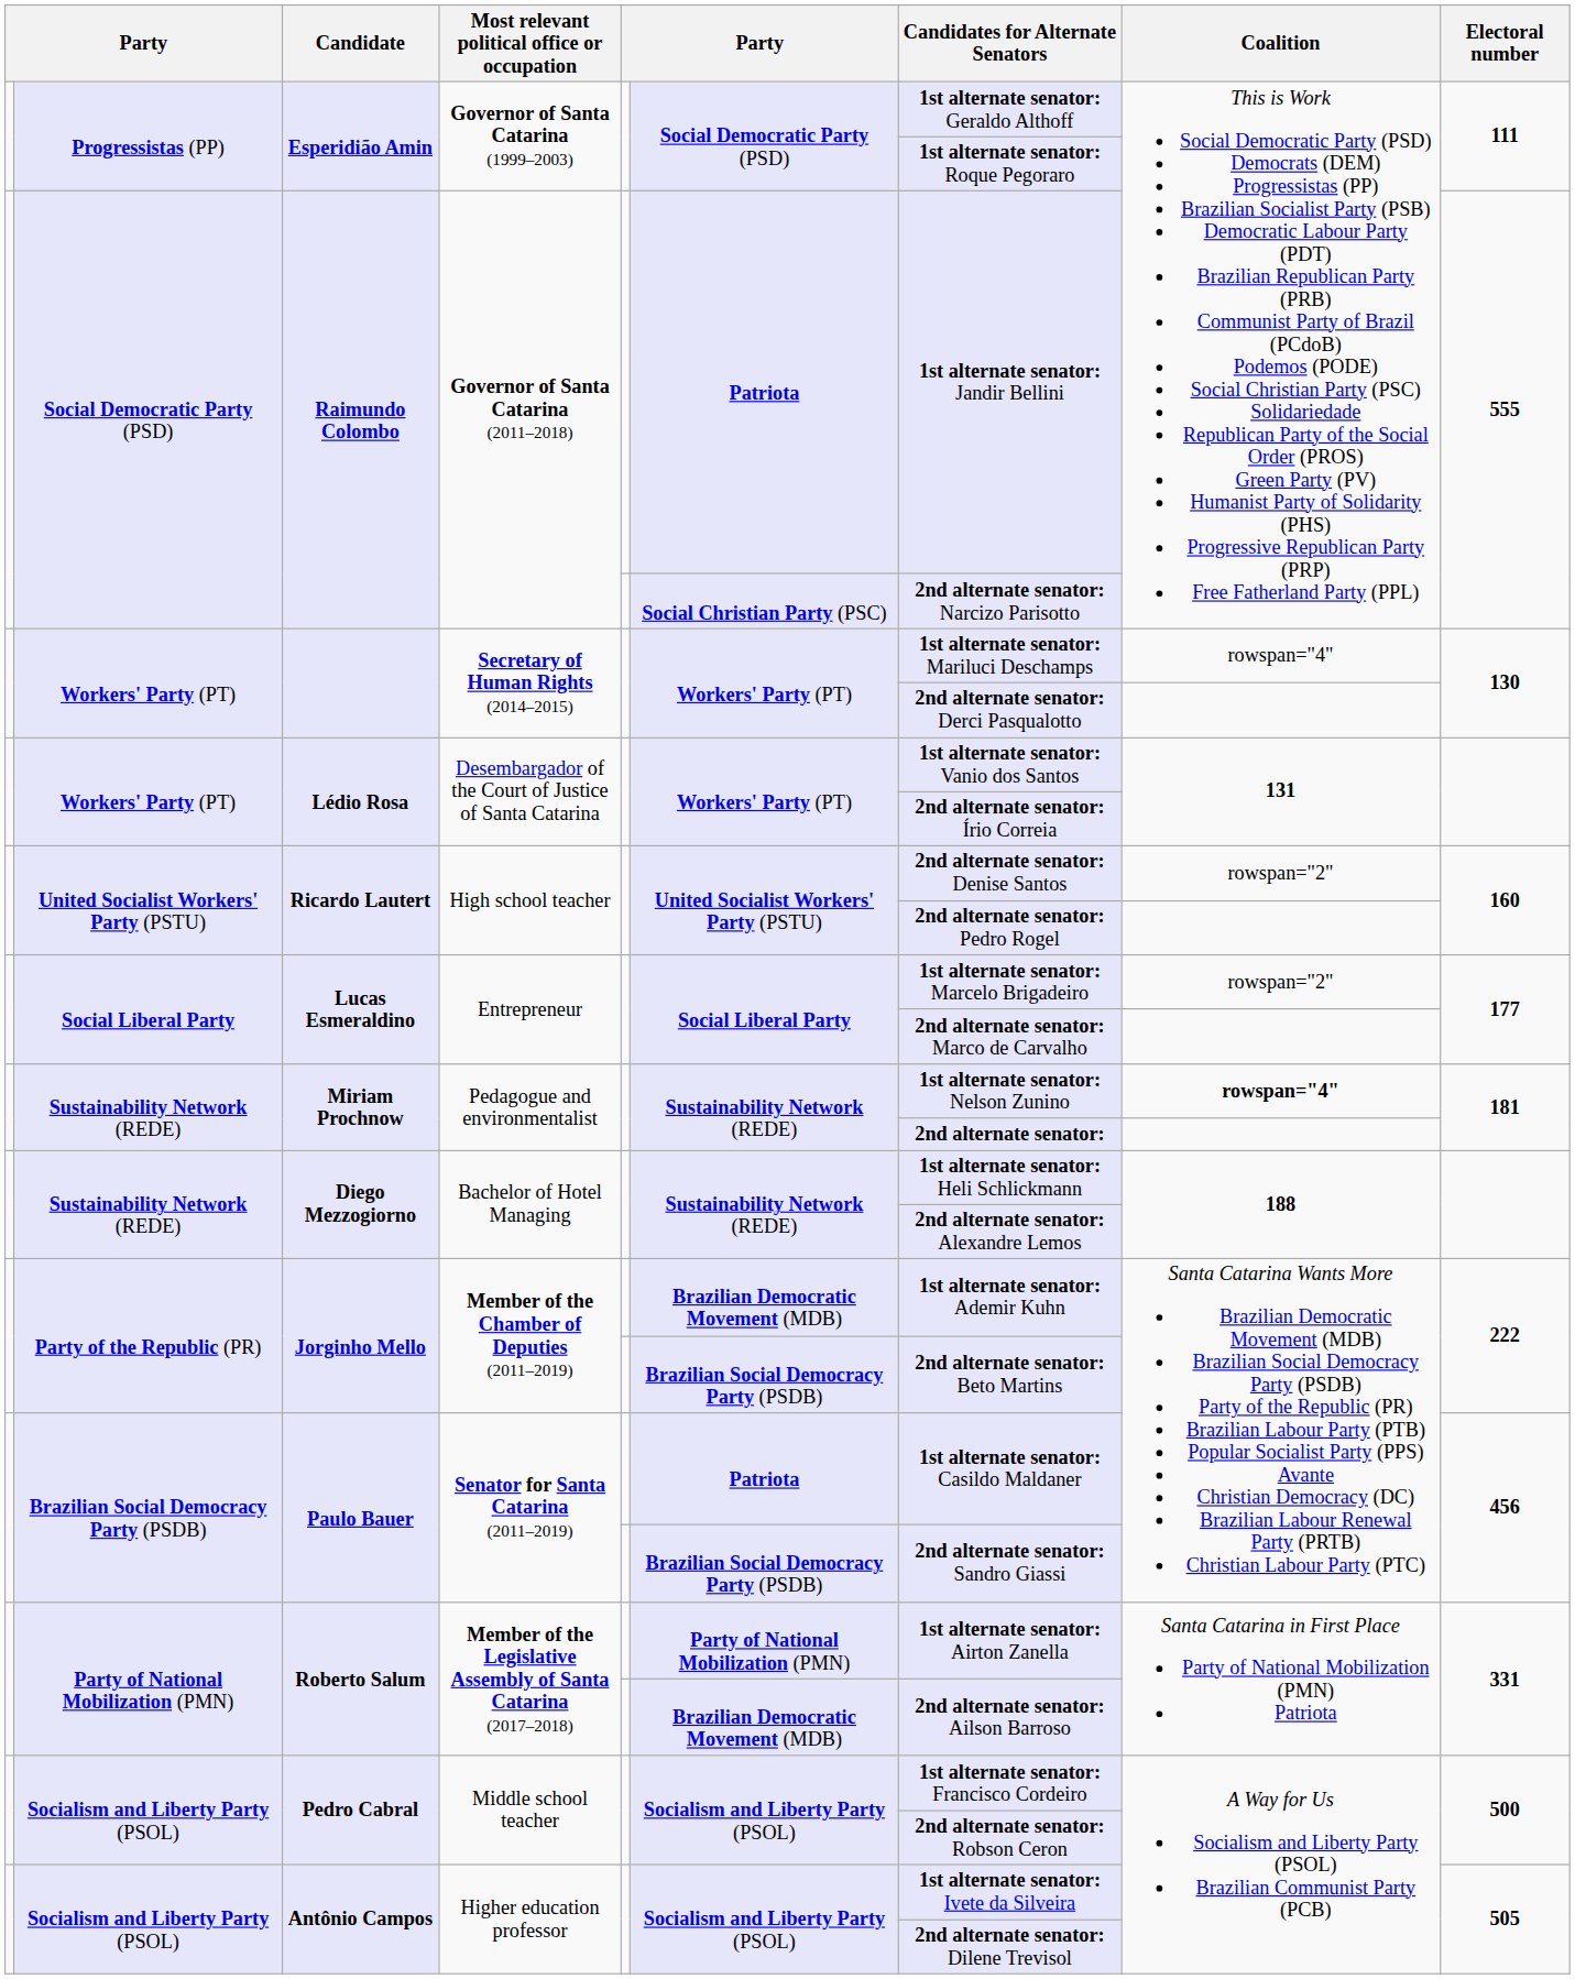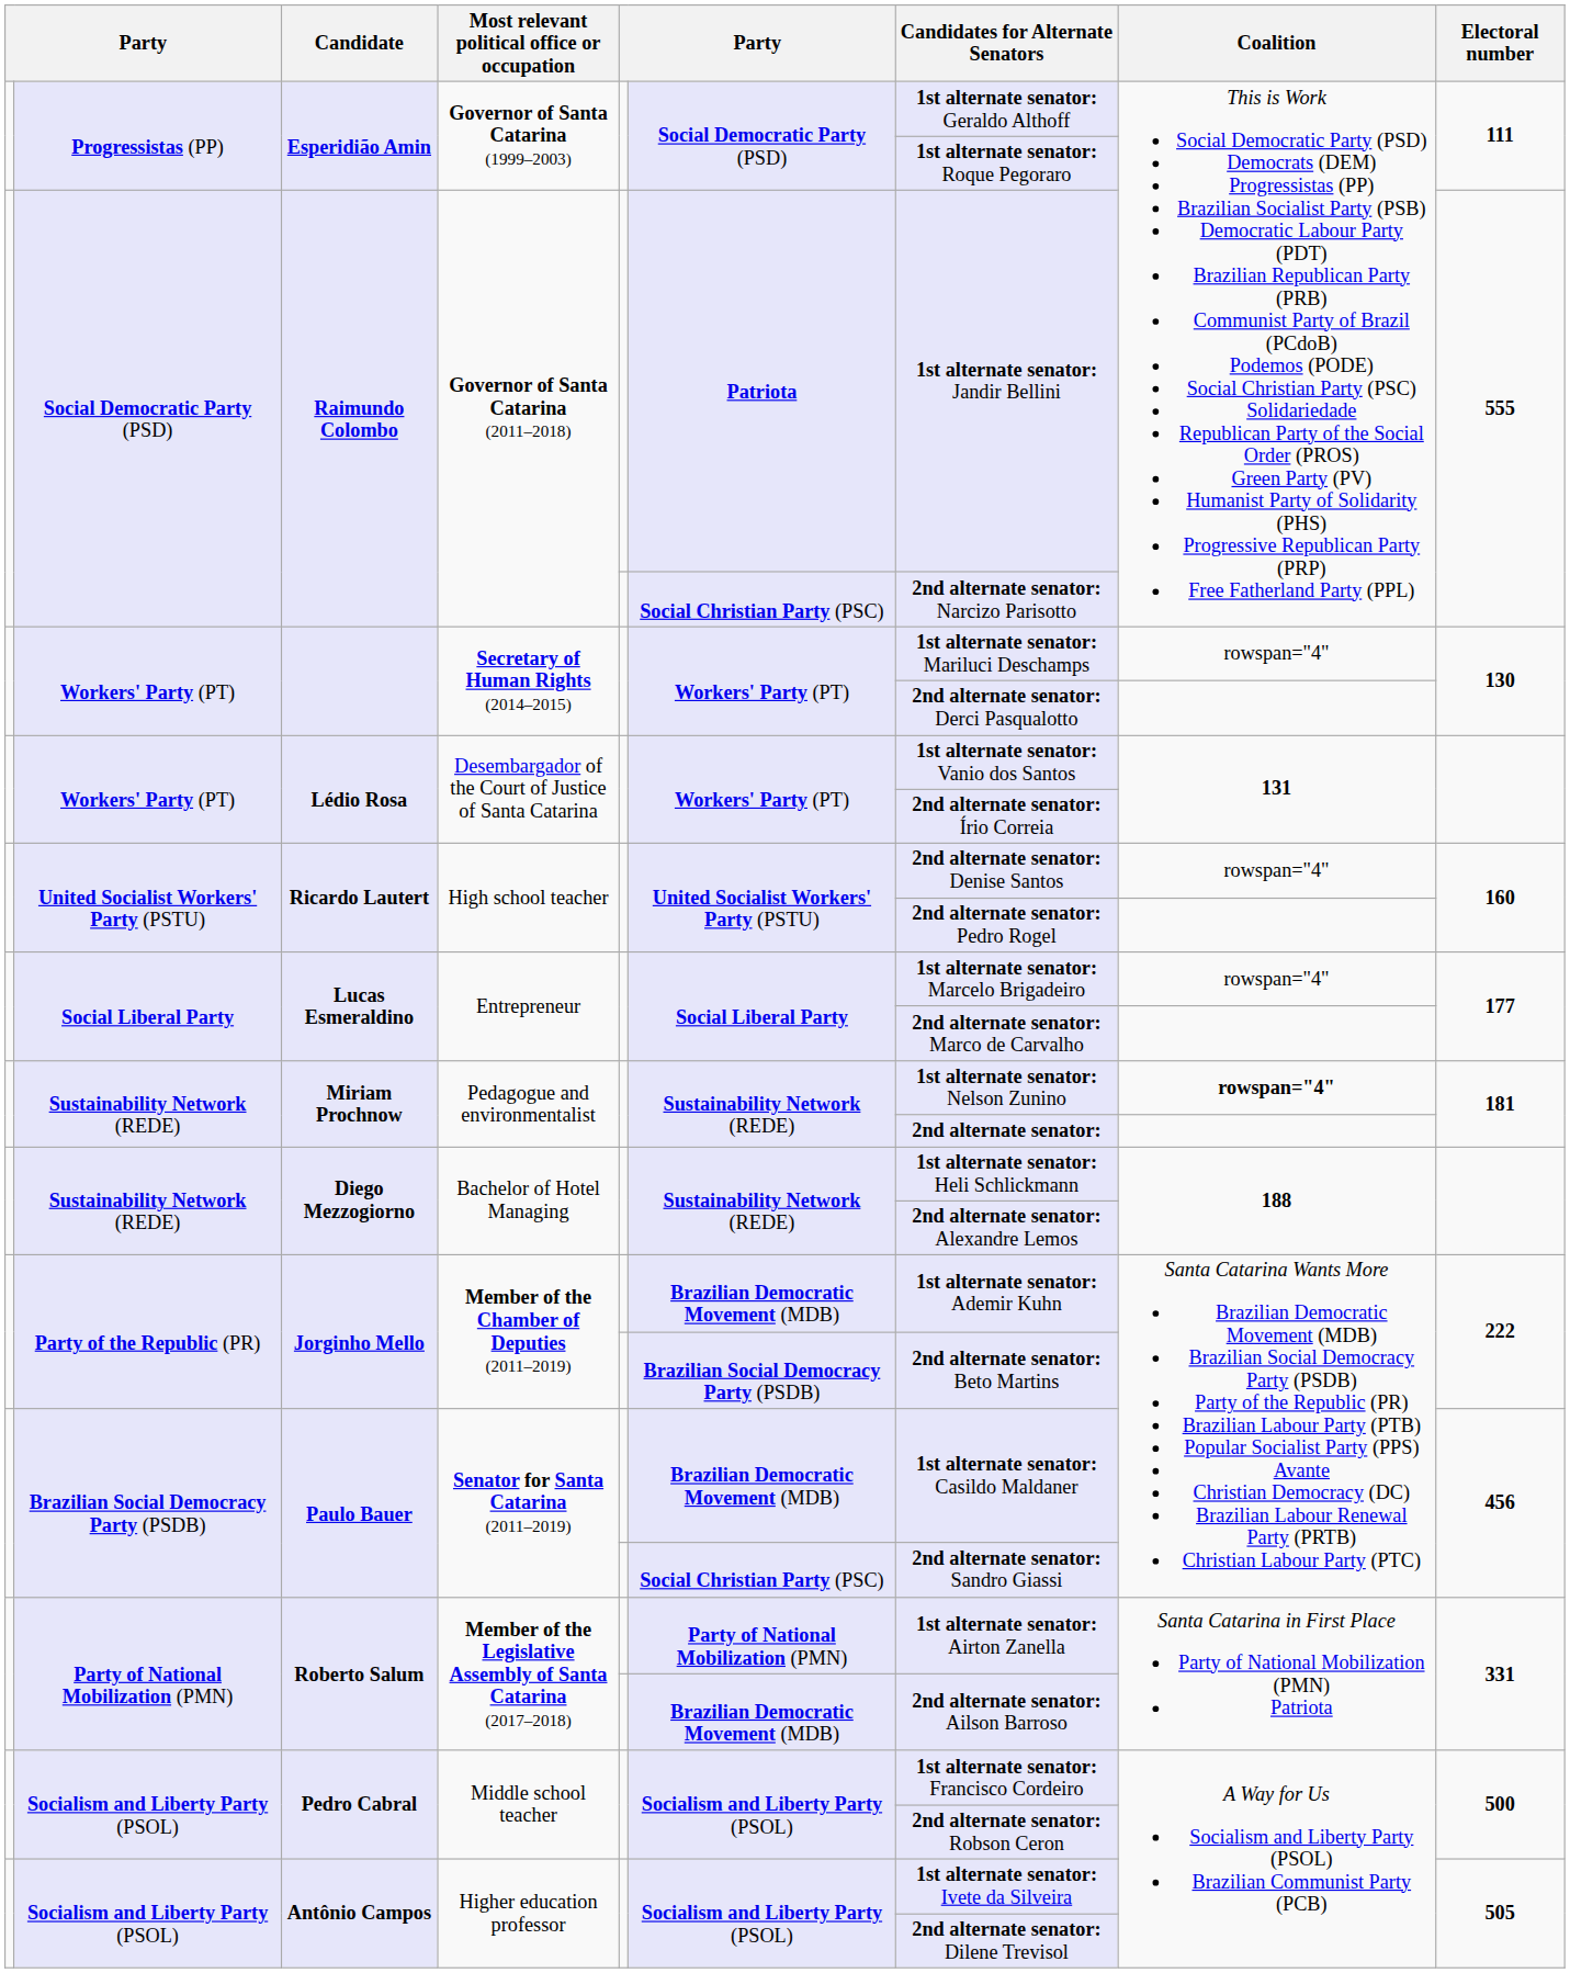 <table class="wikitable" style="text-align:center">
 <tr>
 <th colspan="2">Party</th>
 <th>Candidate</th>
 <th style="max-width:10em">Most relevant political office or occupation</th>
 <th colspan="2">Party</th>
 <th>Candidates for Alternate Senators</th>
 <th>Coalition</th>
 <th>Electoral number</th>
 </tr>
 <tr>
 <td rowspan="2" style="background:"></td>
 <td rowspan="2" style="background:lavender;" max-width:150px><br><strong><a href='#'>Progressistas</a></strong> (PP)</td>
 <td rowspan="2" style="background:lavender;" max-width:150px><br><strong><a href='#'>Esperidião Amin</a></strong></td>
 <td rowspan="2" style="max-width:10em"><strong>Governor of Santa Catarina</strong><br><small>(1999–2003)</small></td>
 <td rowspan="2" style="background:"></td>
 <td rowspan="2" style="background:lavender;" max-width:150px><br><strong><a href='#'>Social Democratic Party</a></strong> (PSD)</td>
 <td style="background:lavender;"><strong>1st alternate senator:</strong><br>Geraldo Althoff</td>
 <td rowspan="4"><em>This is Work</em><br><ul><li><a href='#'>Social Democratic Party</a> (PSD)</li><li><a href='#'>Democrats</a> (DEM)</li><li><a href='#'>Progressistas</a> (PP)</li><li><a href='#'>Brazilian Socialist Party</a> (PSB)</li><li><a href='#'>Democratic Labour Party</a> (PDT)</li><li><a href='#'>Brazilian Republican Party</a> (PRB)</li><li><a href='#'>Communist Party of Brazil</a> (PCdoB)</li><li><a href='#'>Podemos</a> (PODE)</li><li><a href='#'>Social Christian Party</a> (PSC)</li><li><a href='#'>Solidariedade</a></li><li><a href='#'>Republican Party of the Social Order</a> (PROS)</li><li><a href='#'>Green Party</a> (PV)</li><li><a href='#'>Humanist Party of Solidarity</a> (PHS)</li><li><a href='#'>Progressive Republican Party</a> (PRP)</li><li><a href='#'>Free Fatherland Party</a> (PPL)</li></ul></td>
 <td rowspan="2"><strong>111</strong></td>
 </tr>
 <tr>
 <td style="background:lavender;"><strong>1st alternate senator:</strong><br>Roque Pegoraro</td>
 </tr>
 <tr>
 <td rowspan="2" style="background:"></td>
 <td rowspan="2" style="background:lavender;" max-width:150px><br><strong><a href='#'>Social Democratic Party</a></strong> (PSD)</td>
 <td rowspan="2" style="background:lavender;" max-width:150px><br><strong><a href='#'>Raimundo Colombo</a></strong></td>
 <td rowspan="2" style="max-width:10em"><strong>Governor of Santa Catarina</strong><br><small>(2011–2018)</small></td>
 <td style="background:"></td>
 <td style="background:lavender;"><br><strong><a href='#'>Patriota</a></strong></td>
 <td style="background:lavender;"><strong>1st alternate senator:</strong><br>Jandir Bellini</td>
 <td rowspan="2"><strong>555</strong></td>
 </tr>
 <tr>
 <td style="background:"></td>
 <td style="background:lavender;" max-width:150px><br><strong><a href='#'>Social Christian Party</a></strong> (PSC)</td>
 <td style="background:lavender;"><strong>2nd alternate senator:</strong><br>Narcizo Parisotto</td>
 </tr>
 <tr>
 <td rowspan="2" style="background:"></td>
 <td rowspan="2" style="background:lavender;" max-width:150px><br><strong><a href='#'>Workers' Party</a></strong> (PT)</td>
 <td rowspan="2" style="background:lavender;" max-width:150px><br></td>
 <td rowspan="2" style="max-width:10em"><strong><a href='#'>Secretary of Human Rights</a></strong><br><small>(2014–2015)</small></td>
 <td rowspan="2" style="background:"></td>
 <td rowspan="2" style="background:lavender;" max-width:150px><br><strong><a href='#'>Workers' Party</a></strong> (PT)</td>
 <td style="background:lavender;"><strong>1st alternate senator:</strong><br>Mariluci Deschamps</td>
 <td>rowspan="4" </td>
 <td rowspan="2"><strong>130</strong></td>
 </tr>
 <tr>
 <td style="background:lavender;"><strong>2nd alternate senator:</strong><br>Derci Pasqualotto</td>
 </tr>
 <tr>
 <td rowspan="2" style="background:"></td>
 <td rowspan="2" style="background:lavender;" max-width:150px><br><strong><a href='#'>Workers' Party</a></strong> (PT)</td>
 <td rowspan="2" style="background:lavender;" max-width:150px><br><strong>Lédio Rosa</strong></td>
 <td rowspan="2" style="max-width:10em"><a href='#'>Desembargador</a> of the Court of Justice of Santa Catarina</td>
 <td rowspan="2" style="background:"></td>
 <td rowspan="2" style="background:lavender;" max-width:150px><br><strong><a href='#'>Workers' Party</a></strong> (PT)</td>
 <td style="background:lavender;"><strong>1st alternate senator:</strong><br>Vanio dos Santos</td>
 <td rowspan="2"><strong>131</strong></td>
 </tr>
 <tr>
 <td style="background:lavender;"><strong>2nd alternate senator:</strong><br>Írio Correia</td>
 </tr>
 <tr>
 <td rowspan="2" style="background:"></td>
 <td rowspan="2" style="background:lavender;" max-width:150px><br><strong><a href='#'>United Socialist Workers' Party</a></strong> (PSTU)</td>
 <td rowspan="2" style="background:lavender;" max-width:150px><strong>Ricardo Lautert</strong></td>
 <td rowspan="2" style="max-width:10em">High school teacher</td>
 <td rowspan="2" style="background:"></td>
 <td rowspan="2" style="background:lavender;" max-width:150px><br><strong><a href='#'>United Socialist Workers' Party</a></strong> (PSTU)</td>
 <td style="background:lavender;"><strong>2nd alternate senator:</strong><br>Denise Santos</td>
-<td>rowspan="2" </td>
+<td>rowspan="4" </td>
 <td rowspan="2"><strong>160</strong></td>
 </tr>
 <tr>
 <td style="background:lavender;"><strong>2nd alternate senator:</strong><br>Pedro Rogel</td>
 </tr>
 <tr>
 <td rowspan="2" style="background:"></td>
 <td rowspan="2" style="background:lavender;" max-width:150px><br><strong><a href='#'>Social Liberal Party</a></strong></td>
 <td rowspan="2" style="background:lavender;" max-width:150px><strong>Lucas Esmeraldino</strong></td>
 <td rowspan="2" style="max-width:10em">Entrepreneur</td>
 <td rowspan="2" style="background:"></td>
 <td rowspan="2" style="background:lavender;" max-width:150px><br><strong><a href='#'>Social Liberal Party</a></strong></td>
 <td style="background:lavender;"><strong>1st alternate senator:</strong><br>Marcelo Brigadeiro</td>
-<td>rowspan="2" </td>
+<td>rowspan="4" </td>
 <td rowspan="2"><strong>177</strong></td>
 </tr>
 <tr>
 <td style="background:lavender;"><strong>2nd alternate senator:</strong><br>Marco de Carvalho</td>
 </tr>
 <tr>
 <td rowspan="2" style="background:"></td>
 <td rowspan="2" style="background:lavender;" max-width:150px><br><strong><a href='#'>Sustainability Network</a></strong> (REDE)</td>
 <td rowspan="2" style="background:lavender;" max-width:150px><strong>Miriam Prochnow</strong></td>
 <td rowspan="2" style="max-width:10em">Pedagogue and environmentalist</td>
 <td rowspan="2" style="background:"></td>
 <td rowspan="2" style="background:lavender;" max-width:150px><br><strong><a href='#'>Sustainability Network</a></strong> (REDE)</td>
 <td style="background:lavender;"><strong>1st alternate senator:</strong><br>Nelson Zunino</td>
 <td><strong>rowspan="4" </strong></td>
 <td rowspan="2"><strong>181</strong></td>
 </tr>
 <tr>
 <td style="background:lavender;"><strong>2nd alternate senator:</strong><br></td>
 </tr>
 <tr>
 <td rowspan="2" style="background:"></td>
 <td rowspan="2" style="background:lavender;" max-width:150px><br><strong><a href='#'>Sustainability Network</a></strong> (REDE)</td>
 <td rowspan="2" style="background:lavender;" max-width:150px><strong>Diego Mezzogiorno</strong></td>
 <td rowspan="2" style="max-width:10em">Bachelor of Hotel Managing</td>
 <td rowspan="2" style="background:"></td>
 <td rowspan="2" style="background:lavender;" max-width:150px><br><strong><a href='#'>Sustainability Network</a></strong> (REDE)</td>
 <td style="background:lavender;"><strong>1st alternate senator:</strong><br>Heli Schlickmann</td>
 <td rowspan="2"><strong>188</strong></td>
 </tr>
 <tr>
 <td style="background:lavender;"><strong>2nd alternate senator:</strong><br>Alexandre Lemos</td>
 </tr>
 <tr>
 <td rowspan="2" style="background:"></td>
 <td rowspan="2" style="background:lavender;" max-width:150px><br><strong><a href='#'>Party of the Republic</a></strong> (PR)</td>
 <td rowspan="2" style="background:lavender;" max-width:150px><br><strong><a href='#'>Jorginho Mello</a></strong></td>
 <td rowspan="2" style="max-width:10em"><strong>Member of the <a href='#'>Chamber of Deputies</a></strong><br><small>(2011–2019)</small></td>
 <td style="background:"></td>
 <td style="background:lavender;"><br><strong><a href='#'>Brazilian Democratic Movement</a></strong> (MDB)</td>
 <td style="background:lavender;"><strong>1st alternate senator:</strong><br>Ademir Kuhn</td>
 <td rowspan="4"><em>Santa Catarina Wants More</em><br><ul><li><a href='#'>Brazilian Democratic Movement</a> (MDB)</li><li><a href='#'>Brazilian Social Democracy Party</a> (PSDB)</li><li><a href='#'>Party of the Republic</a> (PR)</li><li><a href='#'>Brazilian Labour Party</a> (PTB)</li><li><a href='#'>Popular Socialist Party</a> (PPS)</li><li><a href='#'>Avante</a></li><li><a href='#'>Christian Democracy</a> (DC)</li><li><a href='#'>Brazilian Labour Renewal Party</a> (PRTB)</li><li><a href='#'>Christian Labour Party</a> (PTC)</li></ul></td>
 <td rowspan="2"><strong>222</strong></td>
 </tr>
 <tr>
 <td style="background:"></td>
 <td style="background:lavender;"><br><strong><a href='#'>Brazilian Social Democracy Party</a></strong> (PSDB)</td>
 <td style="background:lavender;"><strong>2nd alternate senator:</strong><br>Beto Martins</td>
 </tr>
 <tr>
 <td rowspan="2" style="background:"></td>
 <td rowspan="2" style="background:lavender;"><br><strong><a href='#'>Brazilian Social Democracy Party</a></strong> (PSDB)</td>
 <td rowspan="2" style="background:lavender;" max-width:150px><br><strong><a href='#'>Paulo Bauer</a></strong></td>
 <td rowspan="2" style="max-width:10em"><strong><a href='#'>Senator</a> for <a href='#'>Santa Catarina</a></strong><br><small>(2011–2019)</small></td>
 <td style="background:"></td>
-<td style="background:lavender;"><br><strong><a href='#'>Patriota</a></strong></td>
+<td style="background:lavender;"><br><strong><a href='#'>Brazilian Democratic Movement</a></strong> (MDB)</td>
 <td style="background:lavender;"><strong>1st alternate senator:</strong><br>Casildo Maldaner</td>
 <td rowspan="2"><strong>456</strong></td>
 </tr>
 <tr>
 <td style="background:"></td>
-<td style="background:lavender;"><br><strong><a href='#'>Brazilian Social Democracy Party</a></strong> (PSDB)</td>
+<td style="background:lavender;" max-width:150px><br><strong><a href='#'>Social Christian Party</a></strong> (PSC)</td>
 <td style="background:lavender;"><strong>2nd alternate senator:</strong><br>Sandro Giassi</td>
 </tr>
 <tr>
 <td rowspan="2" style="background:"></td>
 <td rowspan="2" style="background:lavender;" max-width:150px><br><strong><a href='#'>Party of National Mobilization</a></strong> (PMN)</td>
 <td rowspan="2" style="background:lavender;" max-width:150px><strong>Roberto Salum</strong></td>
 <td rowspan="2" style="max-width:10em"><strong>Member of the <a href='#'>Legislative Assembly of Santa Catarina</a></strong><br><small>(2017–2018)</small></td>
 <td style="background:"></td>
 <td style="background:lavender;" max-width:150px><br><strong><a href='#'>Party of National Mobilization</a></strong> (PMN)</td>
 <td style="background:lavender;"><strong>1st alternate senator:</strong><br>Airton Zanella</td>
 <td rowspan="2"><em>Santa Catarina in First Place</em><br><ul><li><a href='#'>Party of National Mobilization</a> (PMN)</li><li><a href='#'>Patriota</a></li></ul></td>
 <td rowspan="2"><strong>331</strong></td>
 </tr>
 <tr>
 <td style="background:"></td>
 <td style="background:lavender;"><br><strong><a href='#'>Brazilian Democratic Movement</a></strong> (MDB)</td>
 <td style="background:lavender;"><strong>2nd alternate senator:</strong><br>Ailson Barroso</td>
 </tr>
 <tr>
 <td rowspan="2" style="background:"></td>
 <td rowspan="2" style="background:lavender;"><br><strong><a href='#'>Socialism and Liberty Party</a></strong> (PSOL)</td>
 <td rowspan="2" style="background:lavender;" max-width:150px><strong>Pedro Cabral</strong></td>
 <td rowspan="2" style="max-width:10em">Middle school teacher</td>
 <td rowspan="2" style="background:"></td>
 <td rowspan="2" style="background:lavender;"><br><strong><a href='#'>Socialism and Liberty Party</a></strong> (PSOL)</td>
 <td style="background:lavender;"><strong>1st alternate senator:</strong><br>Francisco Cordeiro</td>
 <td rowspan="4"><em>A Way for Us</em><br><ul><li><a href='#'>Socialism and Liberty Party</a> (PSOL)</li><li><a href='#'>Brazilian Communist Party</a> (PCB)</li></ul></td>
 <td rowspan="2"><strong>500</strong></td>
 </tr>
 <tr>
 <td style="background:lavender;"><strong>2nd alternate senator:</strong><br>Robson Ceron</td>
 </tr>
 <tr>
 <td rowspan="2" style="background:"></td>
 <td rowspan="2" style="background:lavender;"><br><strong><a href='#'>Socialism and Liberty Party</a></strong> (PSOL)</td>
 <td rowspan="2" style="background:lavender;" max-width:150px><strong>Antônio Campos</strong></td>
 <td rowspan="2" style="max-width:10em">Higher education professor</td>
 <td rowspan="2" style="background:"></td>
 <td rowspan="2" style="background:lavender;"><br><strong><a href='#'>Socialism and Liberty Party</a></strong> (PSOL)</td>
 <td style="background:lavender;"><strong>1st alternate senator:</strong><br><a href='#'>Ivete da Silveira</a></td>
 <td rowspan="2"><strong>505</strong></td>
 </tr>
 <tr>
 <td style="background:lavender;"><strong>2nd alternate senator:</strong><br>Dilene Trevisol</td>
 </tr>
 </table>
